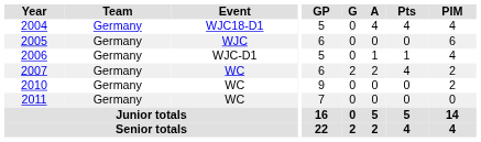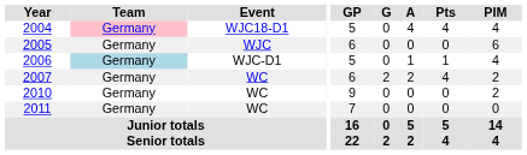 <table border="0" cellpadding="1" cellspacing="0" ID="Table3" style="text-align:center; width:40em">
 <tr ALIGN="center" bgcolor="#e0e0e0">
 <th>Year</th>
 <th>Team</th>
 <th>Event</th>
 <th rowspan="99" bgcolor="#ffffff"></th>
 <th>GP</th>
 <th>G</th>
 <th>A</th>
 <th>Pts</th>
 <th>PIM</th>
 </tr>
 <tr ALIGN="center">
 <td><a href='#'>2004</a></td>
-<td><a href='#'>Germany</a></td>
+<td style="background: pink;"><a href='#'>Germany</a></td>
 <td><a href='#'>WJC18-D1</a></td>
 <td>5</td>
 <td>0</td>
 <td>4</td>
 <td>4</td>
 <td>4</td>
 </tr>
 <tr ALIGN="center" bgcolor="#f0f0f0">
 <td><a href='#'>2005</a></td>
 <td>Germany</td>
 <td><a href='#'>WJC</a></td>
 <td>6</td>
 <td>0</td>
 <td>0</td>
 <td>0</td>
 <td>6</td>
 </tr>
 <tr ALIGN="center">
 <td><a href='#'>2006</a></td>
-<td>Germany</td>
+<td style="background: lightblue;">Germany</td>
 <td>WJC-D1</td>
 <td>5</td>
 <td>0</td>
 <td>1</td>
 <td>1</td>
 <td>4</td>
 </tr>
 <tr ALIGN="center" bgcolor="#f0f0f0">
 <td><a href='#'>2007</a></td>
 <td>Germany</td>
 <td><a href='#'>WC</a></td>
 <td>6</td>
 <td>2</td>
 <td>2</td>
 <td>4</td>
 <td>2</td>
 </tr>
 <tr ALIGN="center">
 <td><a href='#'>2010</a></td>
 <td>Germany</td>
 <td>WC</td>
 <td>9</td>
 <td>0</td>
 <td>0</td>
 <td>0</td>
 <td>2</td>
 </tr>
 <tr ALIGN="center" bgcolor="#f0f0f0">
 <td><a href='#'>2011</a></td>
 <td>Germany</td>
 <td>WC</td>
 <td>7</td>
 <td>0</td>
 <td>0</td>
 <td>0</td>
 <td>0</td>
 </tr>
 <tr bgcolor="#e0e0e0">
 <th colspan="3">Junior totals</th>
 <th>16</th>
 <th>0</th>
 <th>5</th>
 <th>5</th>
 <th>14</th>
 </tr>
 <tr bgcolor="#e0e0e0">
 <th colspan="3">Senior totals</th>
 <th>22</th>
 <th>2</th>
 <th>2</th>
 <th>4</th>
 <th>4</th>
 </tr>
 </table>
